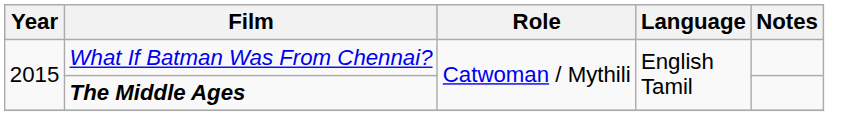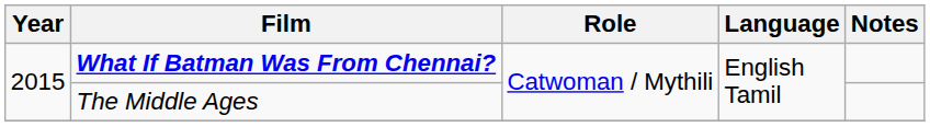 <table class="wikitable">
 <tr style="background:#cccccf; text-align:center;">
 <th>Year</th>
 <th>Film</th>
 <th>Role</th>
 <th>Language</th>
 <th>Notes</th>
 </tr>
 <tr>
 <td rowspan="2">2015</td>
-<td><em><a href='#'>What If Batman Was From Chennai?</a></em></td>
+<td><strong><em><a href='#'>What If Batman Was From Chennai?</a></em></strong></td>
 <td rowspan="2"><a href='#'>Catwoman</a> / Mythili</td>
 <td rowspan="2">English<br>Tamil</td>
 <td></td>
 </tr>
 <tr>
-<td><strong><em> The Middle Ages</em></strong></td>
+<td><em> The Middle Ages</em></td>
 <td></td>
 </tr>
 <tr>
 </tr>
 </table>
